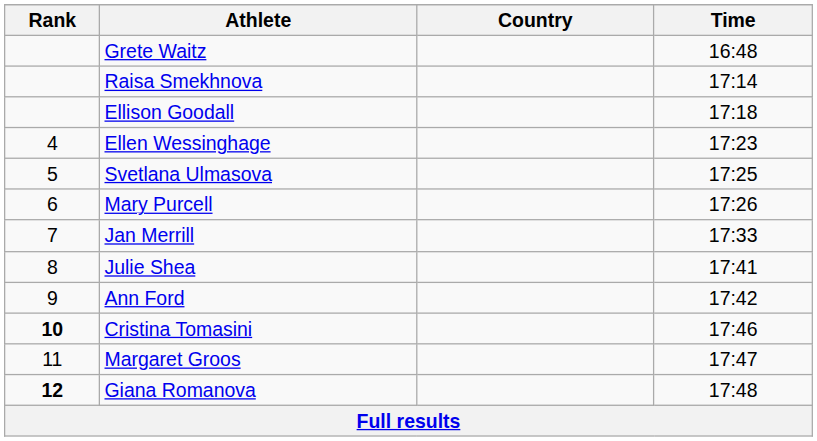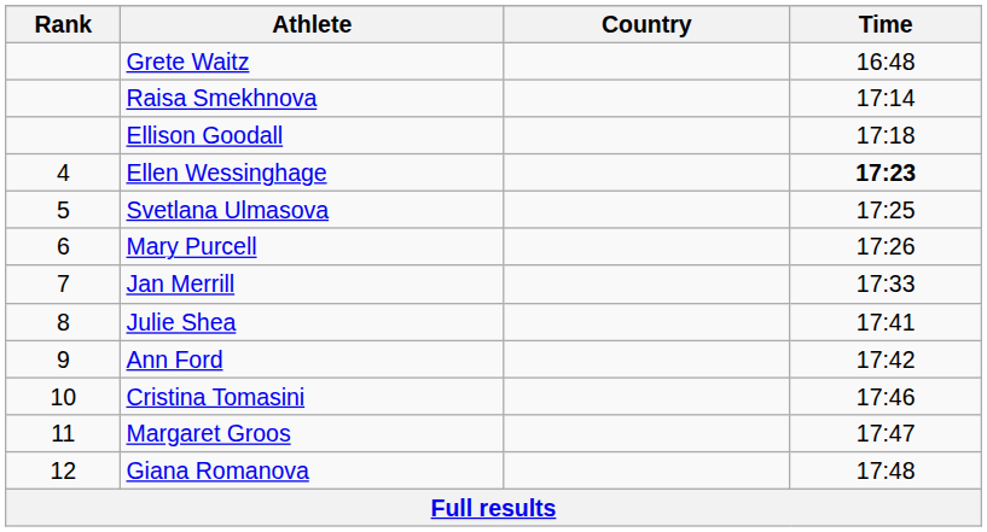 <table class="wikitable sortable" style=" text-align:center; font-size:95%;" width="50%">
 <tr>
 </tr>
 <tr>
 <th width=5%>Rank</th>
 <th width=20%>Athlete</th>
 <th width=15%>Country</th>
 <th width=10%>Time</th>
 </tr>
 <tr>
 <td align=center></td>
 <td align=left><a href='#'>Grete Waitz</a></td>
 <td align=left></td>
 <td>16:48</td>
 </tr>
 <tr>
 <td align=center></td>
 <td align=left><a href='#'>Raisa Smekhnova</a></td>
 <td align=left></td>
 <td>17:14</td>
 </tr>
 <tr>
 <td align=center></td>
 <td align=left><a href='#'>Ellison Goodall</a></td>
 <td align=left></td>
 <td>17:18</td>
 </tr>
 <tr>
 <td align=center>4</td>
 <td align=left><a href='#'>Ellen Wessinghage</a></td>
 <td align=left></td>
-<td>17:23</td>
+<td><strong>17:23</strong></td>
 </tr>
 <tr>
 <td align=center>5</td>
 <td align=left><a href='#'>Svetlana Ulmasova</a></td>
 <td align=left></td>
 <td>17:25</td>
 </tr>
 <tr>
 <td align=center>6</td>
 <td align=left><a href='#'>Mary Purcell</a></td>
 <td align=left></td>
 <td>17:26</td>
 </tr>
 <tr>
 <td align=center>7</td>
 <td align=left><a href='#'>Jan Merrill</a></td>
 <td align=left></td>
 <td>17:33</td>
 </tr>
 <tr>
 <td align=center>8</td>
 <td align=left><a href='#'>Julie Shea</a></td>
 <td align=left></td>
 <td>17:41</td>
 </tr>
 <tr>
 <td align=center>9</td>
 <td align=left><a href='#'>Ann Ford</a></td>
 <td align=left></td>
 <td>17:42</td>
 </tr>
 <tr>
-<td align=center><strong>10</strong></td>
+<td align=center>10</td>
 <td align=left><a href='#'>Cristina Tomasini</a></td>
 <td align=left></td>
 <td>17:46</td>
 </tr>
 <tr>
 <td align=center>11</td>
 <td align=left><a href='#'>Margaret Groos</a></td>
 <td align=left></td>
 <td>17:47</td>
 </tr>
 <tr>
-<td align=center><strong>12</strong></td>
+<td align=center>12</td>
 <td align=left><a href='#'>Giana Romanova</a></td>
 <td align=left></td>
 <td>17:48</td>
 </tr>
 <tr class="sortbottom">
 <th colspan=4 align=center><a href='#'>Full results</a></th>
 </tr>
 </table>
